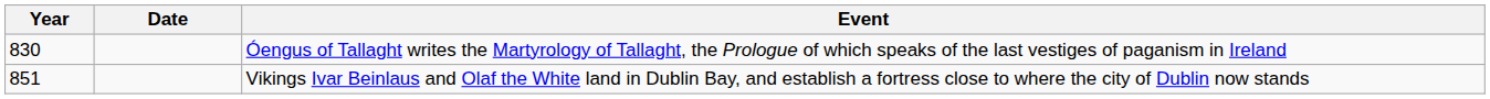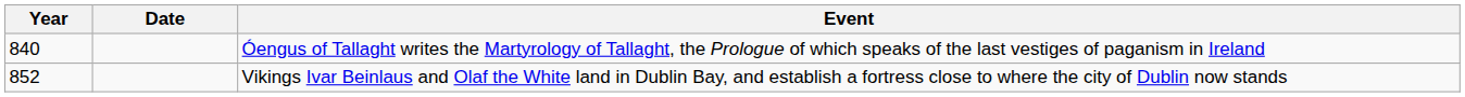 <table class="wikitable" width="100%">
 <tr>
 <th style="width:6%">Year</th>
 <th style="width:10%">Date</th>
 <th>Event</th>
 </tr>
 <tr>
-<td>830</td>
+<td>840</td>
 <td></td>
 <td><a href='#'>Óengus of Tallaght</a> writes the <a href='#'>Martyrology of Tallaght</a>, the <em>Prologue</em> of which speaks of the last vestiges of paganism in <a href='#'>Ireland</a></td>
 </tr>
 <tr>
-<td>851</td>
+<td>852</td>
 <td></td>
 <td>Vikings <a href='#'>Ivar Beinlaus</a> and <a href='#'>Olaf the White</a> land in Dublin Bay, and establish a fortress close to where the city of <a href='#'>Dublin</a> now stands</td>
 </tr>
 </table>
